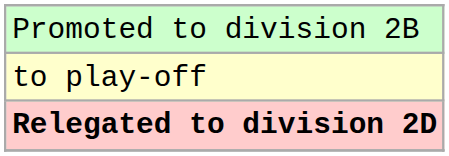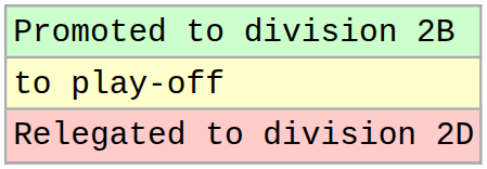 <table class="wikitable">
 <tr>
 </tr>
 <tr width=10px bgcolor="#ccffcc">
 <td>Promoted to division 2B</td>
 </tr>
 <tr width=10px bgcolor="#ffffcc">
 <td>to play-off</td>
 </tr>
 <tr width=10px bgcolor="#ffcccc">
-<td><strong>Relegated to division 2D</strong></td>
+<td>Relegated to division 2D</td>
 </tr>
 <tr>
 </tr>
 <tr>
 </tr>
 </table>
